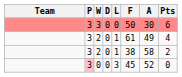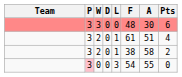 <table class="wikitable" style="text-align:center;">
 <tr>
 <th width="120px">Team</th>
 <th>P</th>
 <th>W</th>
 <th>D</th>
 <th>L</th>
 <th width="23px">F</th>
 <th width="23px">A</th>
 <th width="23px">Pts</th>
 </tr>
 <tr bgcolor="#FF8888">
 <td></td>
 <td>3</td>
 <td>3</td>
 <td>0</td>
 <td>0</td>
-<td>50</td>
+<td>48</td>
 <td>30</td>
 <td>6</td>
 </tr>
 <tr>
 <td></td>
 <td>3</td>
 <td>2</td>
 <td>0</td>
 <td>1</td>
 <td>61</td>
-<td>49</td>
+<td>51</td>
 <td>4</td>
 </tr>
 <tr>
 <td></td>
 <td>3</td>
 <td>2</td>
 <td>0</td>
 <td>1</td>
 <td>38</td>
 <td>58</td>
 <td>2</td>
 </tr>
 <tr>
 <td></td>
 <td style="background: pink;">3</td>
 <td>0</td>
 <td>0</td>
 <td>3</td>
-<td>45</td>
-<td>52</td>
+<td>54</td>
+<td>55</td>
 <td>0</td>
 </tr>
 </table>
